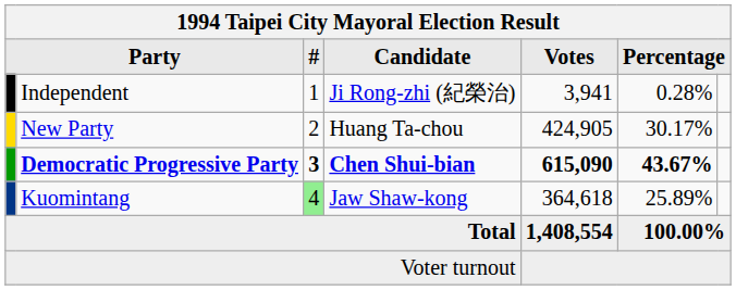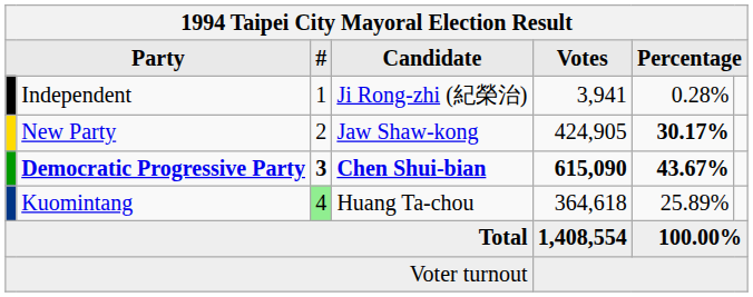 <table class="wikitable collapsible" style="margin:1em auto;">
 <tr>
 <th colspan="7">1994 Taipei City Mayoral Election Result</th>
 </tr>
 <tr>
 <th style="background-color:#E9E9E9" colspan=2 style="width: 20em">Party</th>
 <th style="background-color:#E9E9E9" style="width: 2em">#</th>
 <th style="background-color:#E9E9E9" style="width: 13em">Candidate</th>
 <th style="background-color:#E9E9E9" style="width: 6em">Votes</th>
 <th style="background-color:#E9E9E9" colspan=2 style="width: 11em">Percentage</th>
 </tr>
 <tr>
 <td bgcolor="#000000"></td>
 <td align=left> Independent</td>
 <td align=center>1</td>
 <td align=left><a href='#'>Ji Rong-zhi</a> (紀榮治)</td>
 <td align=right>3,941</td>
 <td align=right>0.28%</td>
 <td align=right></td>
 </tr>
 <tr>
 <td bgcolor="#ffdb00"></td>
 <td align=left><a href='#'>New Party</a></td>
 <td align=center>2</td>
-<td align=left>Huang Ta-chou</td>
+<td align=left><a href='#'>Jaw Shaw-kong</a></td>
 <td align=right>424,905</td>
-<td align=right>30.17%</td>
+<td align=right><strong>30.17%</strong></td>
 <td align=right></td>
 </tr>
 <tr>
 <td bgcolor="#009a00"></td>
 <td align=left><strong><a href='#'>Democratic Progressive Party</a></strong></td>
 <td align=center><strong>3</strong></td>
 <td align=left><strong><a href='#'>Chen Shui-bian</a></strong></td>
 <td align=right><strong>615,090</strong></td>
 <td align=right><strong>43.67%</strong></td>
 <td align=right> </td>
 </tr>
 <tr>
 <td bgcolor="#003586"></td>
 <td align=left> <a href='#'>Kuomintang</a></td>
 <td align=center style="background: lightgreen;">4</td>
-<td align=left><a href='#'>Jaw Shaw-kong</a></td>
+<td align=left>Huang Ta-chou</td>
 <td align=right>364,618</td>
 <td align=right>25.89%</td>
 <td align=right></td>
 </tr>
 <tr bgcolor="#EEEEEE">
 <td colspan="4" align=right><strong>Total</strong></td>
 <td align=right><strong>1,408,554</strong></td>
 <td align=right colspan=2><strong>100.00%</strong></td>
 </tr>
 <tr bgcolor="#EEEEEE">
 <td colspan="4" align="right">Voter turnout</td>
 <td colspan="3" align="right"></td>
 </tr>
 </table>
